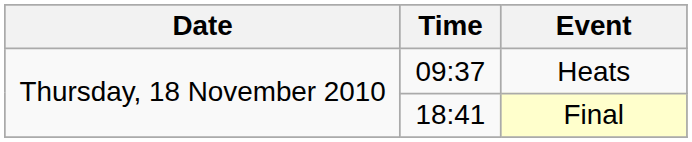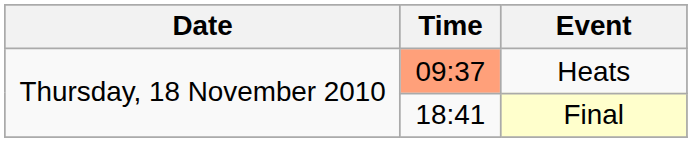 <table class = "wikitable" style="text-align:center;">
 <tr>
 <th width=220>Date</th>
 <th width=50>Time</th>
 <th width=100>Event</th>
 </tr>
 <tr>
 <td rowspan=2>Thursday, 18 November 2010</td>
-<td>09:37</td>
+<td style="background: lightsalmon;">09:37</td>
 <td>Heats</td>
 </tr>
 <tr>
 <td>18:41</td>
 <td bgcolor=ffffcc>Final</td>
 </tr>
 </table>
